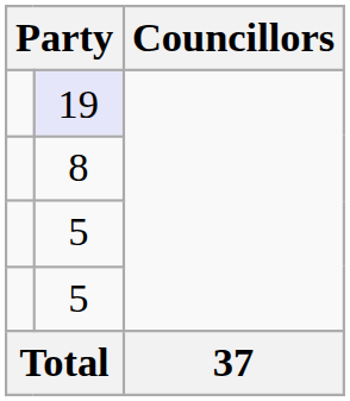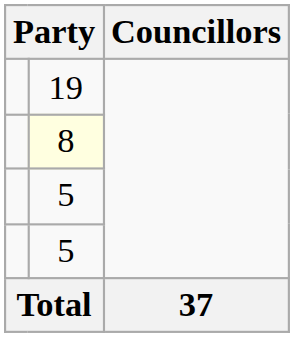 <table class="wikitable">
 <tr>
 <th colspan=2>Party</th>
 <th>Councillors</th>
 </tr>
 <tr>
 <td></td>
-<td align=center style="background: lavender;">19</td>
+<td align=center>19</td>
 </tr>
 <tr>
 <td></td>
-<td align=center>8</td>
+<td align=center style="background: lightyellow;">8</td>
 </tr>
 <tr>
 <td></td>
 <td align=center>5</td>
 </tr>
 <tr>
 <td></td>
 <td align=center>5</td>
 </tr>
 <tr>
 <th colspan=2>Total</th>
 <th align=center>37</th>
 </tr>
 </table>
